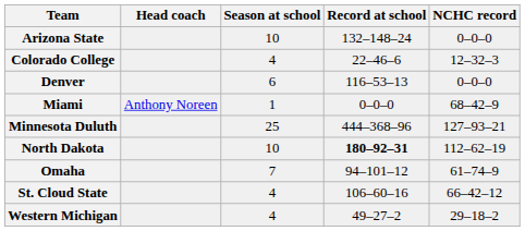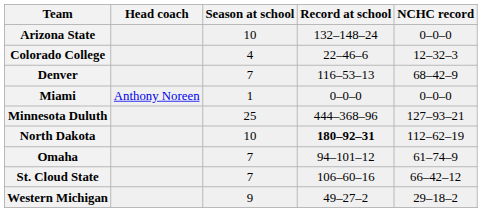 <table class="wikitable sortable" style="text-align: center;">
 <tr>
 <th>Team</th>
 <th>Head coach</th>
 <th>Season at school</th>
 <th>Record at school</th>
 <th>NCHC record</th>
 </tr>
 <tr bgcolor=f0f0f0>
 <th>Arizona State</th>
 <td></td>
 <td>10</td>
 <td>132–148–24</td>
 <td>0–0–0</td>
 </tr>
 <tr bgcolor=f0f0f0>
 <th>Colorado College</th>
 <td></td>
 <td>4</td>
 <td>22–46–6</td>
 <td>12–32–3</td>
 </tr>
 <tr bgcolor=f0f0f0>
 <th>Denver</th>
 <td></td>
-<td>6</td>
+<td>7</td>
 <td>116–53–13</td>
-<td>0–0–0</td>
+<td>68–42–9</td>
 </tr>
 <tr bgcolor=f0f0f0>
 <th>Miami</th>
 <td><a href='#'>Anthony Noreen</a></td>
 <td>1</td>
 <td>0–0–0</td>
-<td>68–42–9</td>
+<td>0–0–0</td>
 </tr>
 <tr bgcolor=f0f0f0>
 <th>Minnesota Duluth</th>
 <td></td>
 <td>25</td>
 <td>444–368–96</td>
 <td>127–93–21</td>
 </tr>
 <tr bgcolor=f0f0f0>
 <th>North Dakota</th>
 <td></td>
 <td>10</td>
 <td><strong>180–92–31</strong></td>
 <td>112–62–19</td>
 </tr>
 <tr bgcolor=f0f0f0>
 <th>Omaha</th>
 <td></td>
 <td>7</td>
 <td>94–101–12</td>
 <td>61–74–9</td>
 </tr>
 <tr bgcolor=f0f0f0>
 <th>St. Cloud State</th>
 <td></td>
-<td>4</td>
+<td>7</td>
 <td>106–60–16</td>
 <td>66–42–12</td>
 </tr>
 <tr bgcolor=f0f0f0>
 <th>Western Michigan</th>
 <td></td>
-<td>4</td>
+<td>9</td>
 <td>49–27–2</td>
 <td>29–18–2</td>
 </tr>
 </table>
